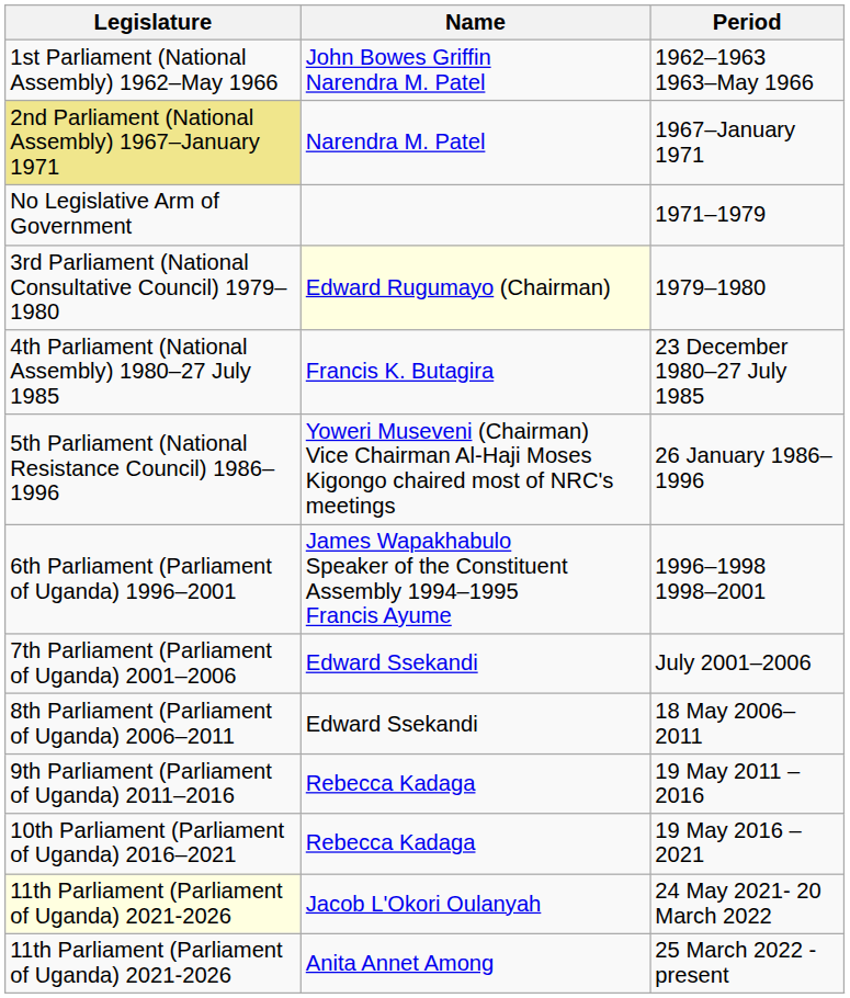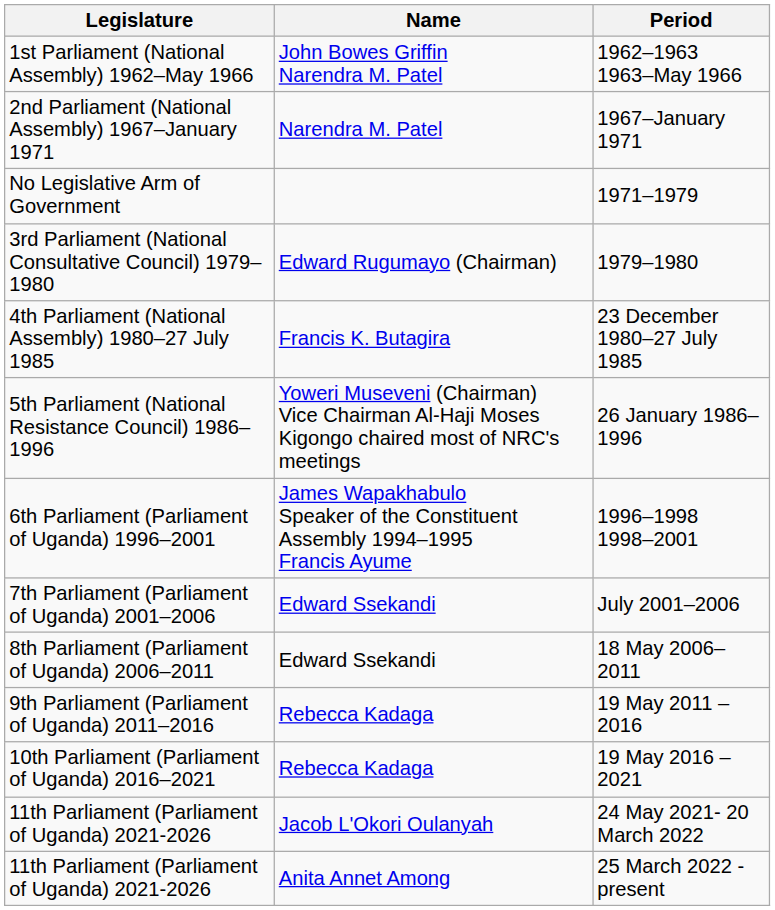 <table class="wikitable">
 <tr>
 <th>Legislature</th>
 <th>Name</th>
 <th>Period</th>
 </tr>
 <tr>
 <td>1st Parliament (National Assembly) 1962–May 1966</td>
 <td><a href='#'>John Bowes Griffin</a><br><a href='#'>Narendra M. Patel</a></td>
 <td>1962–1963<br>1963–May 1966</td>
 </tr>
 <tr>
-<td style="background: khaki;">2nd Parliament (National Assembly) 1967–January 1971</td>
+<td>2nd Parliament (National Assembly) 1967–January 1971</td>
 <td><a href='#'>Narendra M. Patel</a></td>
 <td>1967–January 1971</td>
 </tr>
 <tr>
 <td>No Legislative Arm of Government</td>
 <td></td>
 <td>1971–1979</td>
 </tr>
 <tr>
 <td>3rd Parliament (National Consultative Council) 1979–1980</td>
-<td style="background: lightyellow;"><a href='#'>Edward Rugumayo</a> (Chairman)</td>
+<td><a href='#'>Edward Rugumayo</a> (Chairman)</td>
 <td>1979–1980</td>
 </tr>
 <tr>
 <td>4th Parliament (National Assembly) 1980–27 July 1985</td>
 <td><a href='#'>Francis K. Butagira</a></td>
 <td>23 December 1980–27 July 1985</td>
 </tr>
 <tr>
 <td>5th Parliament (National Resistance Council) 1986–1996</td>
 <td><a href='#'>Yoweri Museveni</a> (Chairman)<br>Vice Chairman Al-Haji Moses Kigongo chaired most of NRC's meetings</td>
 <td>26 January 1986–1996</td>
 </tr>
 <tr>
 <td>6th Parliament (Parliament of Uganda) 1996–2001</td>
 <td><a href='#'>James Wapakhabulo</a><br>Speaker of the Constituent Assembly 1994–1995<br><a href='#'>Francis Ayume</a></td>
 <td>1996–1998<br>1998–2001</td>
 </tr>
 <tr>
 <td>7th Parliament (Parliament of Uganda) 2001–2006</td>
 <td><a href='#'>Edward Ssekandi</a></td>
 <td>July 2001–2006</td>
 </tr>
 <tr>
 <td>8th Parliament (Parliament of Uganda) 2006–2011</td>
 <td>Edward Ssekandi</td>
 <td>18 May 2006–2011</td>
 </tr>
 <tr>
 <td>9th Parliament (Parliament of Uganda) 2011–2016</td>
 <td><a href='#'>Rebecca Kadaga</a></td>
 <td>19 May 2011 – 2016</td>
 </tr>
 <tr>
 <td>10th Parliament (Parliament of Uganda) 2016–2021</td>
 <td><a href='#'>Rebecca Kadaga</a></td>
 <td>19 May 2016 – 2021</td>
 </tr>
 <tr>
-<td style="background: lightyellow;">11th Parliament (Parliament of Uganda) 2021-2026</td>
+<td>11th Parliament (Parliament of Uganda) 2021-2026</td>
 <td><a href='#'>Jacob L'Okori Oulanyah</a></td>
 <td>24 May 2021- 20 March 2022</td>
 </tr>
 <tr>
 <td>11th Parliament (Parliament of Uganda) 2021-2026</td>
 <td><a href='#'>Anita Annet Among</a></td>
 <td>25 March 2022 - present</td>
 </tr>
 <tr>
 </tr>
 </table>
